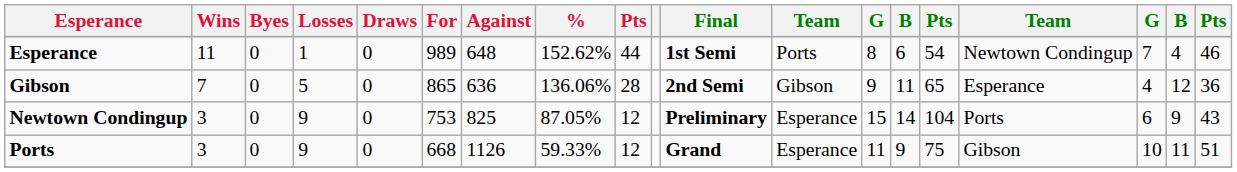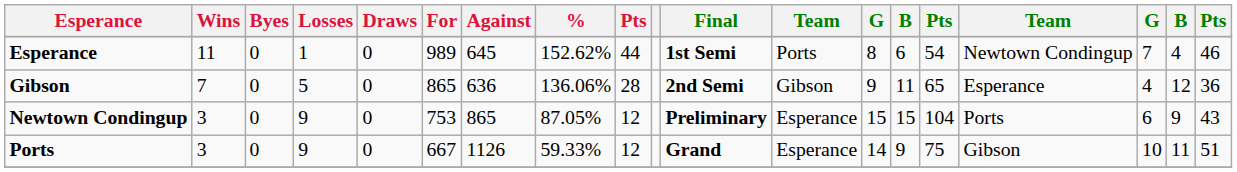 <table style="font-size: 85%; text-align: left;" class="wikitable">
 <tr>
 <th style="color:crimson">Esperance</th>
 <th style="color:crimson">Wins</th>
 <th style="color:crimson">Byes</th>
 <th style="color:crimson">Losses</th>
 <th style="color:crimson">Draws</th>
 <th style="color:crimson">For</th>
 <th style="color:crimson">Against</th>
 <th style="color:crimson">%</th>
 <th style="color:crimson">Pts</th>
 <th></th>
 <th style="color:green">Final</th>
 <th style="color:green">Team</th>
 <th style="color:green">G</th>
 <th style="color:green">B</th>
 <th style="color:green">Pts</th>
 <th style="color:green">Team</th>
 <th style="color:green">G</th>
 <th style="color:green">B</th>
 <th style="color:green">Pts</th>
 </tr>
 <tr>
 </tr>
 <tr>
 </tr>
 <tr>
 <td><strong>	Esperance	</strong></td>
 <td>11</td>
 <td>0</td>
 <td>1</td>
 <td>0</td>
 <td>989</td>
-<td>648</td>
+<td>645</td>
 <td>152.62%</td>
 <td>44</td>
 <td></td>
 <td><strong>1st Semi</strong></td>
 <td>Ports</td>
 <td>8</td>
 <td>6</td>
 <td>54</td>
 <td>Newtown Condingup</td>
 <td>7</td>
 <td>4</td>
 <td>46</td>
 </tr>
 <tr>
 <td><strong>	Gibson	</strong></td>
 <td>7</td>
 <td>0</td>
 <td>5</td>
 <td>0</td>
 <td>865</td>
 <td>636</td>
 <td>136.06%</td>
 <td>28</td>
 <td></td>
 <td><strong>2nd Semi</strong></td>
 <td>Gibson</td>
 <td>9</td>
 <td>11</td>
 <td>65</td>
 <td>Esperance</td>
 <td>4</td>
 <td>12</td>
 <td>36</td>
 </tr>
 <tr>
 <td><strong>	Newtown Condingup	</strong></td>
 <td>3</td>
 <td>0</td>
 <td>9</td>
 <td>0</td>
 <td>753</td>
-<td>825</td>
+<td>865</td>
 <td>87.05%</td>
 <td>12</td>
 <td></td>
 <td><strong>Preliminary</strong></td>
 <td>Esperance</td>
 <td>15</td>
-<td>14</td>
+<td>15</td>
 <td>104</td>
 <td>Ports</td>
 <td>6</td>
 <td>9</td>
 <td>43</td>
 </tr>
 <tr>
 <td><strong>	Ports	</strong></td>
 <td>3</td>
 <td>0</td>
 <td>9</td>
 <td>0</td>
-<td>668</td>
+<td>667</td>
 <td>1126</td>
 <td>59.33%</td>
 <td>12</td>
 <td></td>
 <td><strong>Grand</strong></td>
 <td>Esperance</td>
-<td>11</td>
+<td>14</td>
 <td>9</td>
 <td>75</td>
 <td>Gibson</td>
 <td>10</td>
 <td>11</td>
 <td>51</td>
 </tr>
 <tr>
 </tr>
 </table>
